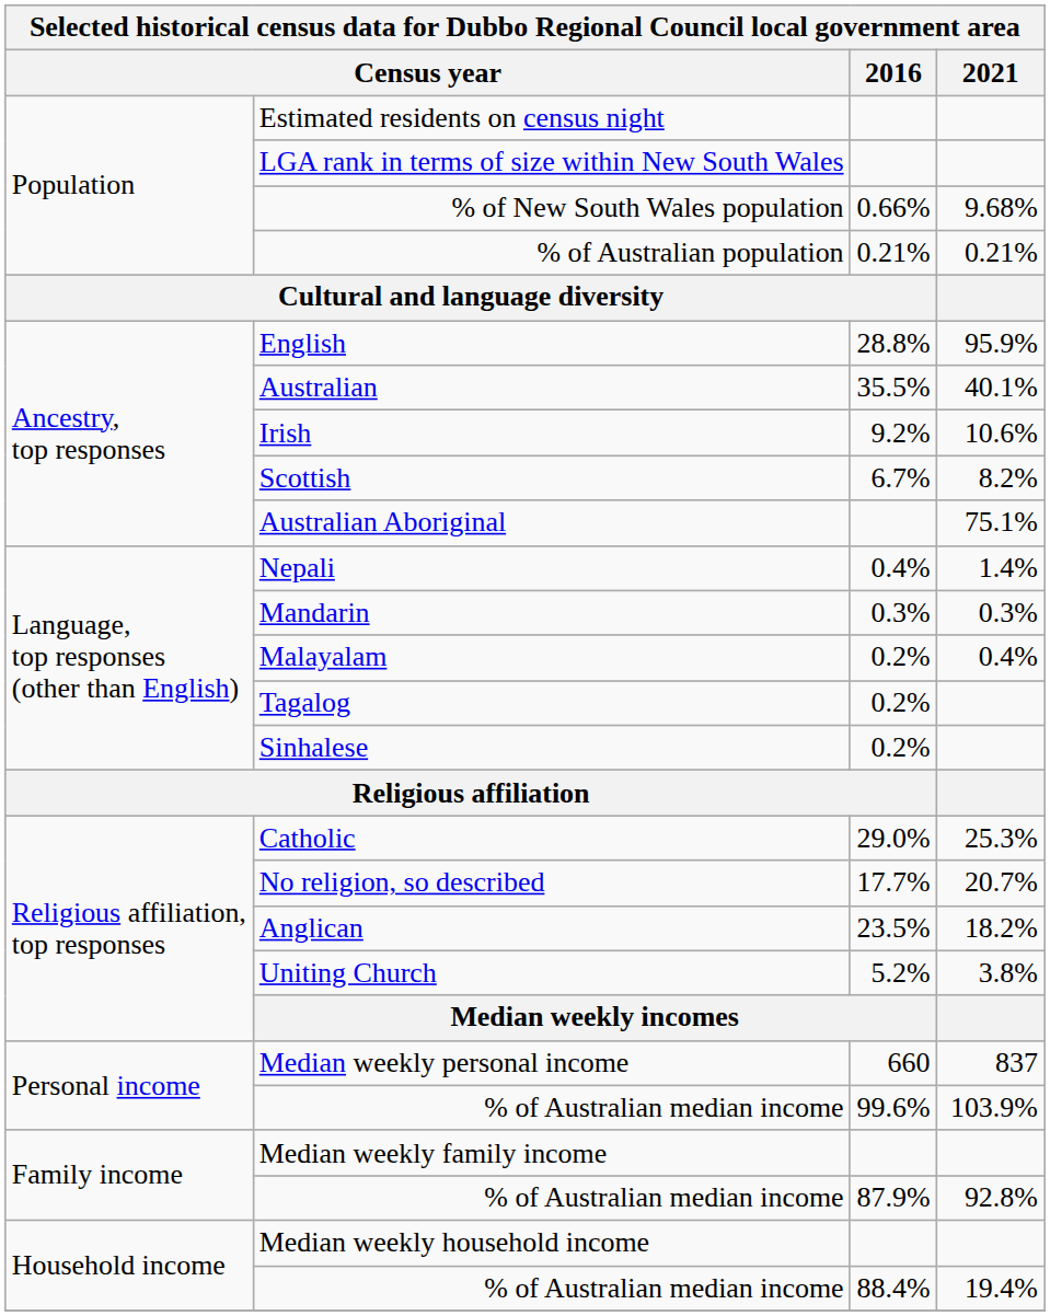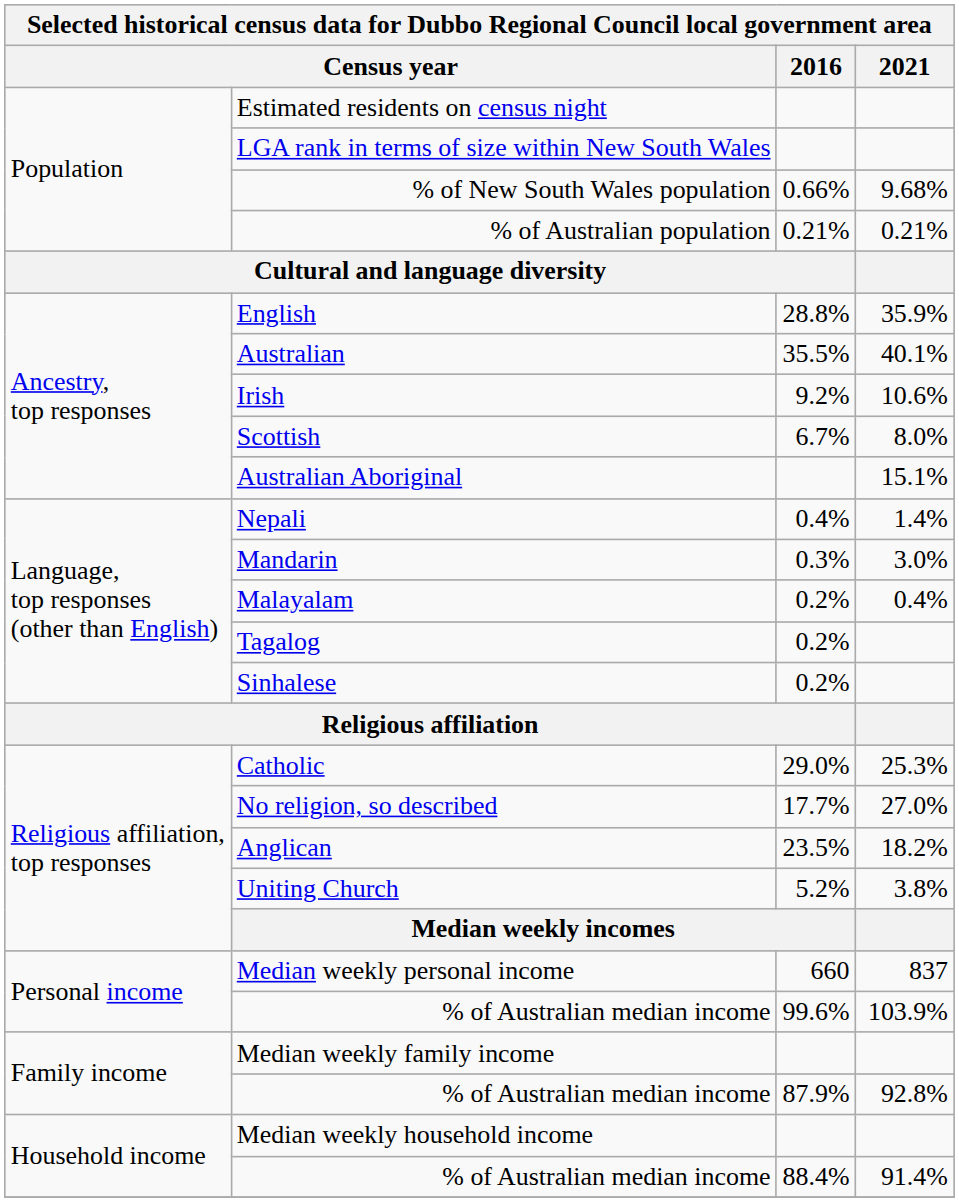 <table class="wikitable">
 <tr>
 <th colspan=5>Selected historical census data for Dubbo Regional Council local government area</th>
 </tr>
 <tr>
 <th colspan=3>Census year</th>
 <th>2016</th>
 <th>2021</th>
 </tr>
 <tr>
 <td rowspan=4 colspan="2">Population</td>
 <td>Estimated residents on <a href='#'>census night</a></td>
 <td align="right"></td>
 <td align="right"> </td>
 </tr>
 <tr>
 <td align="right"><a href='#'>LGA rank in terms of size within New South Wales</a></td>
 <td align="right"></td>
 <td align="right"></td>
 </tr>
 <tr>
 <td align="right">% of New South Wales population</td>
 <td align="right">0.66%</td>
 <td align="right"> 9.68%</td>
 </tr>
 <tr>
 <td align="right">% of Australian population</td>
 <td align="right">0.21%</td>
 <td align="right"> 0.21%</td>
 </tr>
 <tr>
 <th colspan=4>Cultural and language diversity</th>
 <th></th>
 </tr>
 <tr>
 <td rowspan=5 colspan=2><a href='#'>Ancestry</a>,<br>top responses</td>
 <td><a href='#'>English</a></td>
 <td align="right">28.8%</td>
-<td align="right"> 95.9%</td>
+<td align="right"> 35.9%</td>
 </tr>
 <tr>
 <td><a href='#'>Australian</a></td>
 <td align="right">35.5%</td>
 <td align="right"> 40.1%</td>
 </tr>
 <tr>
 <td><a href='#'>Irish</a></td>
 <td align="right">9.2%</td>
 <td align="right"> 10.6%</td>
 </tr>
 <tr>
 <td><a href='#'>Scottish</a></td>
 <td align="right">6.7%</td>
-<td align="right"> 8.2%</td>
+<td align="right"> 8.0%</td>
 </tr>
 <tr>
 <td><a href='#'>Australian Aboriginal</a></td>
 <td align="right"></td>
-<td align="right">75.1%</td>
+<td align="right">15.1%</td>
 </tr>
 <tr>
 <td rowspan=5 colspan=2>Language,<br>top responses<br>(other than <a href='#'>English</a>)</td>
 <td><a href='#'>Nepali</a></td>
 <td align="right">0.4%</td>
 <td align="right"> 1.4%</td>
 </tr>
 <tr>
 <td><a href='#'>Mandarin</a></td>
 <td align="right">0.3%</td>
-<td align="right"> 0.3%</td>
+<td align="right"> 3.0%</td>
 </tr>
 <tr>
 <td><a href='#'>Malayalam</a></td>
 <td align="right">0.2%</td>
 <td align="right"> 0.4%</td>
 </tr>
 <tr>
 <td><a href='#'>Tagalog</a></td>
 <td align="right">0.2%</td>
 <td align="right"></td>
 </tr>
 <tr>
 <td><a href='#'>Sinhalese</a></td>
 <td align="right">0.2%</td>
 <td align="right"></td>
 </tr>
 <tr>
 <th colspan=4>Religious affiliation</th>
 <th></th>
 </tr>
 <tr>
 <td rowspan=5 colspan=2><a href='#'>Religious</a> affiliation,<br>top responses</td>
 <td><a href='#'>Catholic</a></td>
 <td align="right">29.0%</td>
 <td align="right"> 25.3%</td>
 </tr>
 <tr>
 <td><a href='#'>No religion, so described</a></td>
 <td align="right">17.7%</td>
-<td align="right"> 20.7%</td>
+<td align="right"> 27.0%</td>
 </tr>
 <tr>
 <td><a href='#'>Anglican</a></td>
 <td align="right">23.5%</td>
 <td align="right"> 18.2%</td>
 </tr>
 <tr>
 <td><a href='#'>Uniting Church</a></td>
 <td align="right">5.2%</td>
 <td align="right"> 3.8%</td>
 </tr>
 <tr>
 <th colspan=2>Median weekly incomes</th>
 <th></th>
 </tr>
 <tr>
 <td rowspan=2 colspan=2>Personal <a href='#'>income</a></td>
 <td><a href='#'>Median</a> weekly personal income</td>
 <td align="right">660</td>
 <td align="right">837</td>
 </tr>
 <tr>
 <td align="right">% of Australian median income</td>
 <td align="right">99.6%</td>
 <td align="right"> 103.9%</td>
 </tr>
 <tr>
 <td rowspan=2 colspan=2>Family income</td>
 <td>Median weekly family income</td>
 <td align="right"></td>
 <td align="right"> </td>
 </tr>
 <tr>
 <td align="right">% of Australian median income</td>
 <td align="right">87.9%</td>
 <td align="right"> 92.8%</td>
 </tr>
 <tr>
 <td rowspan=2 colspan=2>Household income</td>
 <td>Median weekly household income</td>
 <td align="right"></td>
 <td align="right"> </td>
 </tr>
 <tr>
 <td align="right">% of Australian median income</td>
 <td align="right">88.4%</td>
-<td align="right"> 19.4%</td>
+<td align="right"> 91.4%</td>
 </tr>
 <tr>
 </tr>
 </table>
